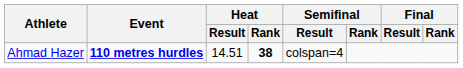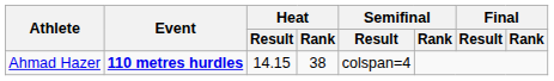 <table class="wikitable" style="font-size:90%">
 <tr>
 <th rowspan="2">Athlete</th>
 <th rowspan="2">Event</th>
 <th colspan="2">Heat</th>
 <th colspan="2">Semifinal</th>
 <th colspan="2">Final</th>
 </tr>
 <tr style="font-size:95%">
 <th>Result</th>
 <th>Rank</th>
 <th>Result</th>
 <th>Rank</th>
 <th>Result</th>
 <th>Rank</th>
 </tr>
 <tr style=text-align:center>
 <td style=text-align:left><a href='#'>Ahmad Hazer</a></td>
 <td style=text-align:left><strong><a href='#'>110 metres hurdles</a></strong></td>
-<td>14.51</td>
-<td><strong>38</strong></td>
+<td>14.15</td>
+<td>38</td>
 <td>colspan=4 </td>
 </tr>
 </table>
